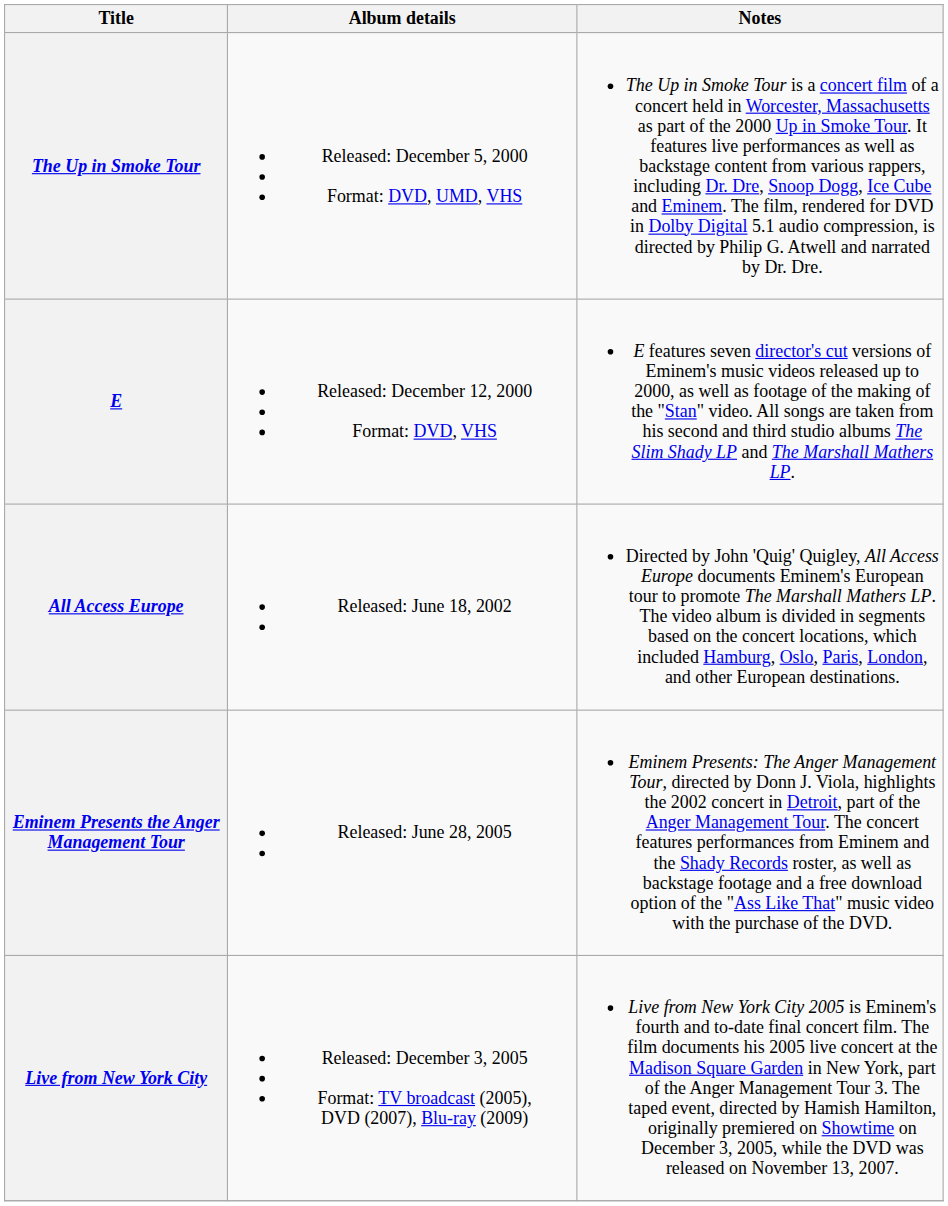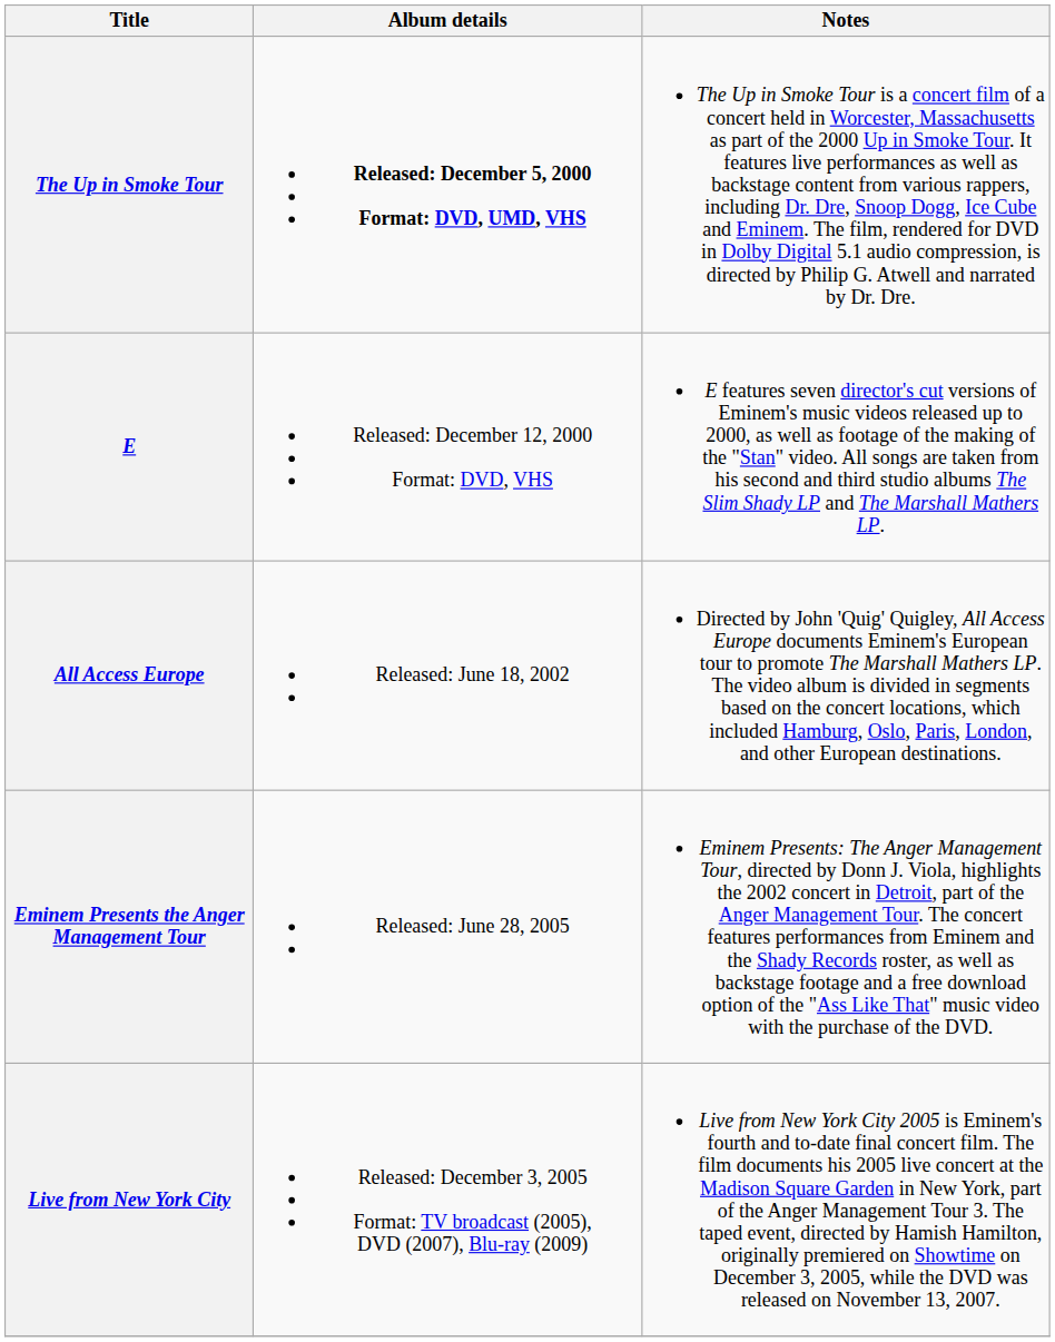 <table class="wikitable plainrowheaders" style="text-align:center;">
 <tr>
 <th scope="col" style="width:12em;">Title</th>
 <th scope="col" style="width:19em;">Album details</th>
 <th scope="col" style="width:20em;">Notes</th>
 </tr>
 <tr>
 <th scope="row"><em><a href='#'>The Up in Smoke Tour</a></em></th>
-<td><br><ul><li>Released: December 5, 2000</li><li></li><li>Format: <a href='#'>DVD</a>, <a href='#'>UMD</a>, <a href='#'>VHS</a></li></ul></td>
+<td><strong><br><ul><li>Released: December 5, 2000</li><li></li><li>Format: <a href='#'>DVD</a>, <a href='#'>UMD</a>, <a href='#'>VHS</a></li></ul></strong></td>
 <td><br><ul><li><em>The Up in Smoke Tour</em> is a <a href='#'>concert film</a> of a concert held in <a href='#'>Worcester, Massachusetts</a> as part of the 2000 <a href='#'>Up in Smoke Tour</a>. It features live performances as well as backstage content from various rappers, including <a href='#'>Dr. Dre</a>, <a href='#'>Snoop Dogg</a>, <a href='#'>Ice Cube</a> and <a href='#'>Eminem</a>. The film, rendered for DVD in <a href='#'>Dolby Digital</a> 5.1 audio compression, is directed by Philip G. Atwell and narrated by Dr. Dre.</li></ul></td>
 </tr>
 <tr>
 <th scope="row"><em><a href='#'>E</a></em></th>
 <td><br><ul><li>Released: December 12, 2000</li><li></li><li>Format: <a href='#'>DVD</a>, <a href='#'>VHS</a></li></ul></td>
 <td><br><ul><li><em>E</em> features seven <a href='#'>director's cut</a> versions of Eminem's music videos released up to 2000, as well as footage of the making of the "<a href='#'>Stan</a>" video. All songs are taken from his second and third studio albums <em><a href='#'>The Slim Shady LP</a></em> and <em><a href='#'>The Marshall Mathers LP</a></em>.</li></ul></td>
 </tr>
 <tr>
 <th scope="row"><em><a href='#'>All Access Europe</a></em></th>
 <td><br><ul><li>Released: June 18, 2002</li><li></li></ul></td>
 <td><br><ul><li>Directed by John 'Quig' Quigley, <em>All Access Europe</em> documents Eminem's European tour to promote <em>The Marshall Mathers LP</em>. The video album is divided in segments based on the concert locations, which included <a href='#'>Hamburg</a>, <a href='#'>Oslo</a>, <a href='#'>Paris</a>, <a href='#'>London</a>, and other European destinations.</li></ul></td>
 </tr>
 <tr>
 <th scope="row"><em><a href='#'>Eminem Presents the Anger Management Tour</a></em></th>
 <td><br><ul><li>Released: June 28, 2005</li><li></li></ul></td>
 <td><br><ul><li><em>Eminem Presents: The Anger Management Tour</em>, directed by Donn J. Viola, highlights the 2002 concert in <a href='#'>Detroit</a>, part of the <a href='#'>Anger Management Tour</a>. The concert features performances from Eminem and the <a href='#'>Shady Records</a> roster, as well as backstage footage and a free download option of the "<a href='#'>Ass Like That</a>" music video with the purchase of the DVD.</li></ul></td>
 </tr>
 <tr>
 <th scope="row"><em><a href='#'>Live from New York City</a></em></th>
 <td><br><ul><li>Released: December 3, 2005</li><li></li><li>Format: <a href='#'>TV broadcast</a> (2005),<br>DVD (2007), <a href='#'>Blu-ray</a> (2009)</li></ul></td>
 <td><br><ul><li><em>Live from New York City 2005</em> is Eminem's fourth and to-date final concert film. The film documents his 2005 live concert at the <a href='#'>Madison Square Garden</a> in New York, part of the Anger Management Tour 3. The taped event, directed by Hamish Hamilton, originally premiered on <a href='#'>Showtime</a> on December 3, 2005, while the DVD was released on November 13, 2007.</li></ul></td>
 </tr>
 <tr>
 </tr>
 </table>
